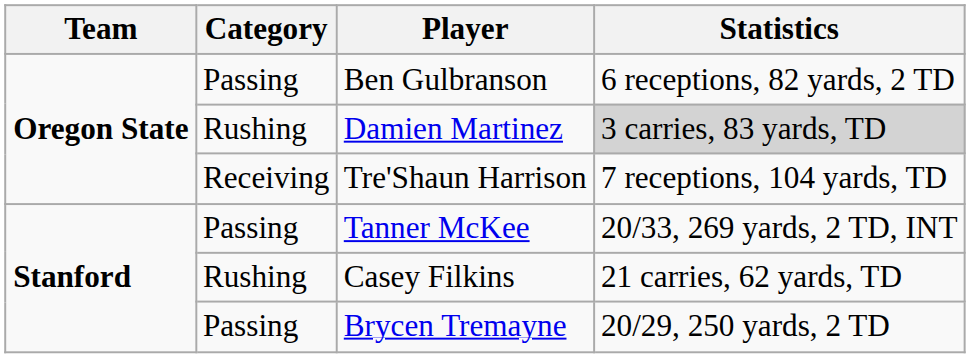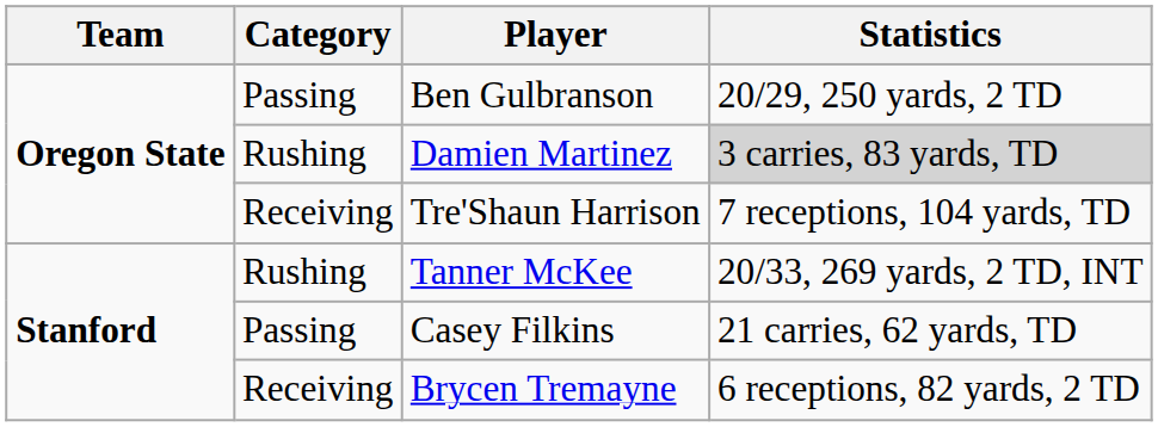 <table class="wikitable" style="float: right;">
 <tr>
 <th>Team</th>
 <th>Category</th>
 <th>Player</th>
 <th>Statistics</th>
 </tr>
 <tr>
 <td rowspan=3><strong>Oregon State</strong></td>
 <td>Passing</td>
 <td>Ben Gulbranson</td>
-<td>6 receptions, 82 yards, 2 TD</td>
+<td>20/29, 250 yards, 2 TD</td>
 </tr>
 <tr>
 <td>Rushing</td>
 <td><a href='#'>Damien Martinez</a></td>
 <td style="background: lightgrey;">3 carries, 83 yards, TD</td>
 </tr>
 <tr>
 <td>Receiving</td>
 <td>Tre'Shaun Harrison</td>
 <td>7 receptions, 104 yards, TD</td>
 </tr>
 <tr>
 <td rowspan=3><strong>Stanford</strong></td>
-<td>Passing</td>
+<td>Rushing</td>
 <td><a href='#'>Tanner McKee</a></td>
 <td>20/33, 269 yards, 2 TD, INT</td>
 </tr>
 <tr>
-<td>Rushing</td>
+<td>Passing</td>
 <td>Casey Filkins</td>
 <td>21 carries, 62 yards, TD</td>
 </tr>
 <tr>
-<td>Passing</td>
+<td>Receiving</td>
 <td><a href='#'>Brycen Tremayne</a></td>
-<td>20/29, 250 yards, 2 TD</td>
+<td>6 receptions, 82 yards, 2 TD</td>
 </tr>
 </table>
